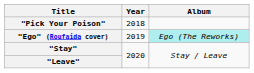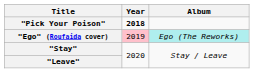 <table class="wikitable plainrowheaders" style="text-align:center">
 <tr>
 <th width="190px">Title</th>
 <th style="width:3em;">Year</th>
 <th width="160px">Album</th>
 </tr>
 <tr>
 <th scope="row">"Pick Your Poison"</th>
-<td>2018</td>
+<td><strong>2018</strong></td>
 <td></td>
 </tr>
 <tr>
 <th scope="row">"Ego" <small>(<a href='#'>Roufaida</a> cover)</small></th>
-<td>2019</td>
+<td style="background: pink;">2019</td>
 <td style="background: paleturquoise;"><em>Ego (The Reworks)</em></td>
 </tr>
 <tr>
 <th scope="row">"Stay"</th>
 <td rowspan="2">2020</td>
 <td rowspan="2"><em>Stay / Leave</em></td>
 </tr>
 <tr>
 <th scope="row">"Leave"</th>
 </tr>
 </table>
